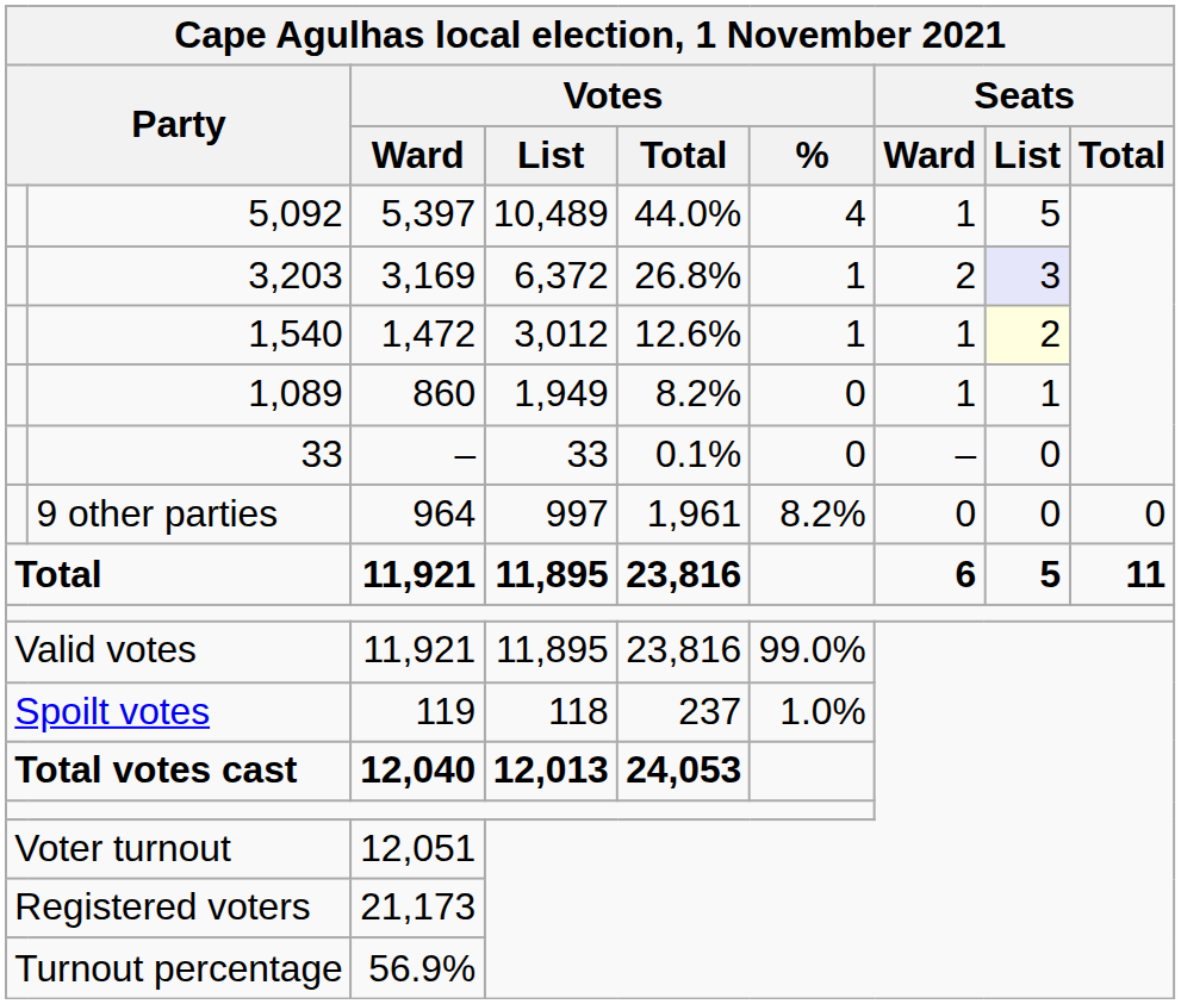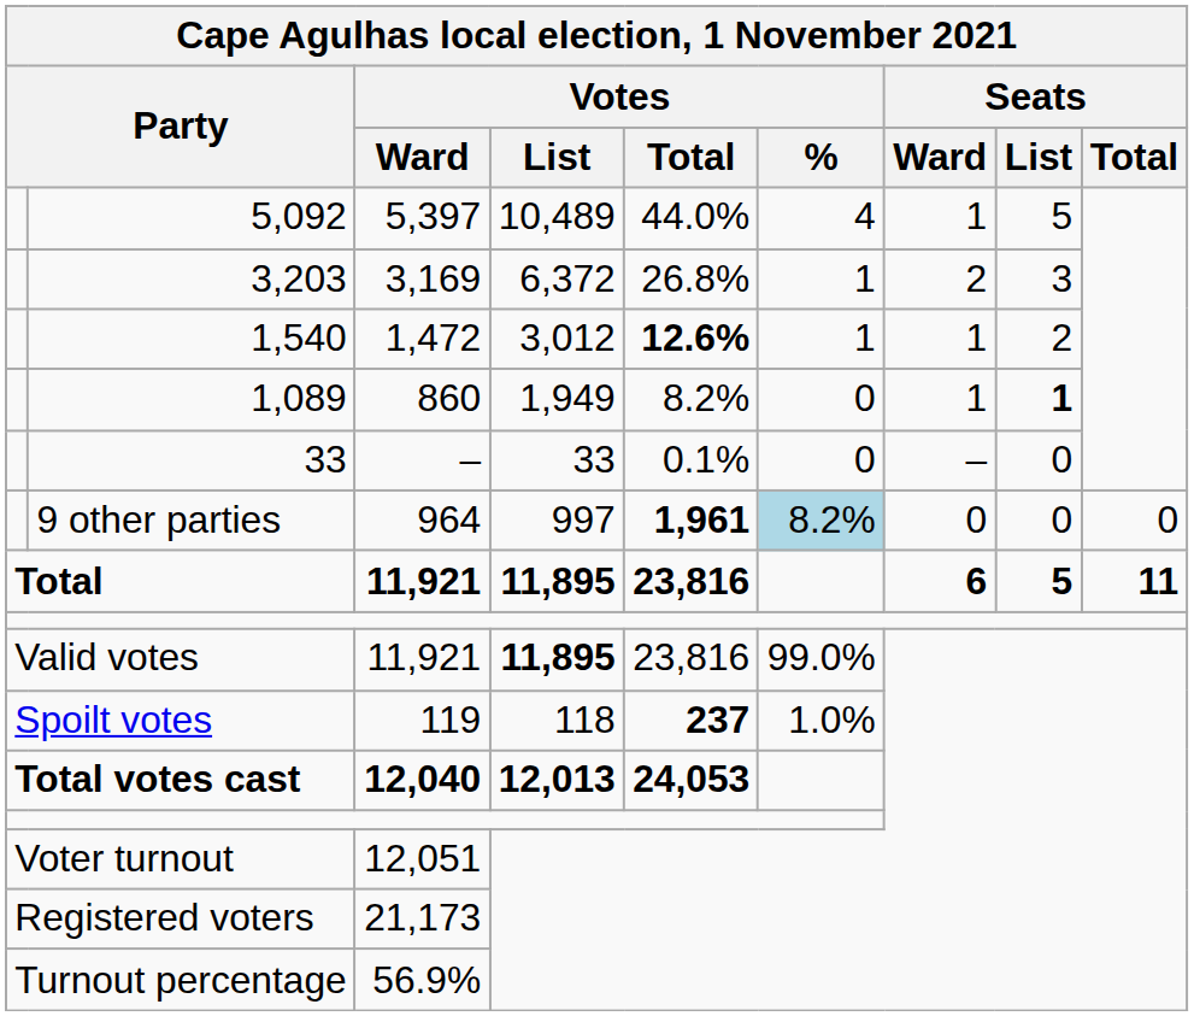 <table class=wikitable style="text-align:right">
 <tr>
 <th colspan="9" align="center">Cape Agulhas local election, 1 November 2021</th>
 </tr>
 <tr>
 <th rowspan="2" colspan="2">Party</th>
 <th colspan="4" align="center">Votes</th>
 <th colspan="3" align="center">Seats</th>
 </tr>
 <tr>
 <th>Ward</th>
 <th>List</th>
 <th>Total</th>
 <th>%</th>
 <th>Ward</th>
 <th>List</th>
 <th>Total</th>
 </tr>
 <tr>
 <td></td>
 <td>5,092</td>
 <td>5,397</td>
 <td>10,489</td>
 <td>44.0%</td>
 <td>4</td>
 <td>1</td>
 <td>5</td>
 </tr>
 <tr>
 <td></td>
 <td>3,203</td>
 <td>3,169</td>
 <td>6,372</td>
 <td>26.8%</td>
 <td>1</td>
 <td>2</td>
-<td style="background: lavender;">3</td>
+<td>3</td>
 </tr>
 <tr>
 <td></td>
 <td>1,540</td>
 <td>1,472</td>
 <td>3,012</td>
-<td>12.6%</td>
+<td><strong>12.6%</strong></td>
 <td>1</td>
 <td>1</td>
-<td style="background: lightyellow;">2</td>
+<td>2</td>
 </tr>
 <tr>
 <td></td>
 <td>1,089</td>
 <td>860</td>
 <td>1,949</td>
 <td>8.2%</td>
 <td>0</td>
 <td>1</td>
-<td>1</td>
+<td><strong>1</strong></td>
 </tr>
 <tr>
 <td></td>
 <td>33</td>
 <td>–</td>
 <td>33</td>
 <td>0.1%</td>
 <td>0</td>
 <td>–</td>
 <td>0</td>
 </tr>
 <tr>
 <td></td>
 <td style="text-align:left">9 other parties</td>
 <td>964</td>
 <td>997</td>
-<td>1,961</td>
-<td>8.2%</td>
+<td><strong>1,961</strong></td>
+<td style="background: lightblue;">8.2%</td>
 <td>0</td>
 <td>0</td>
 <td>0</td>
 </tr>
 <tr>
 <td colspan="2" style="text-align:left"><strong>Total</strong></td>
 <td><strong>11,921</strong></td>
 <td><strong>11,895</strong></td>
 <td><strong>23,816</strong></td>
 <td></td>
 <td><strong>6</strong></td>
 <td><strong>5</strong></td>
 <td><strong>11</strong></td>
 </tr>
 <tr>
 <td colspan="9"></td>
 </tr>
 <tr>
 <td colspan="2" style="text-align:left">Valid votes</td>
 <td>11,921</td>
-<td>11,895</td>
+<td><strong>11,895</strong></td>
 <td>23,816</td>
 <td>99.0%</td>
 </tr>
 <tr>
 <td colspan="2" style="text-align:left"><a href='#'>Spoilt votes</a></td>
 <td>119</td>
 <td>118</td>
-<td>237</td>
+<td><strong>237</strong></td>
 <td>1.0%</td>
 </tr>
 <tr>
 <td colspan="2" style="text-align:left"><strong>Total votes cast</strong></td>
 <td><strong>12,040</strong></td>
 <td><strong>12,013</strong></td>
 <td><strong>24,053</strong></td>
 <td></td>
 </tr>
 <tr>
 <td colspan="6"></td>
 </tr>
 <tr>
 <td colspan="2" style="text-align:left">Voter turnout</td>
 <td>12,051</td>
 </tr>
 <tr>
 <td colspan="2" style="text-align:left">Registered voters</td>
 <td>21,173</td>
 </tr>
 <tr>
 <td colspan="2" style="text-align:left">Turnout percentage</td>
 <td>56.9%</td>
 </tr>
 </table>
